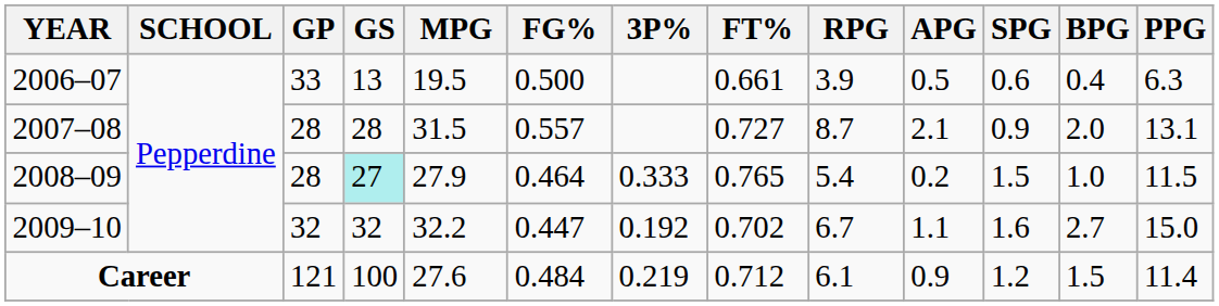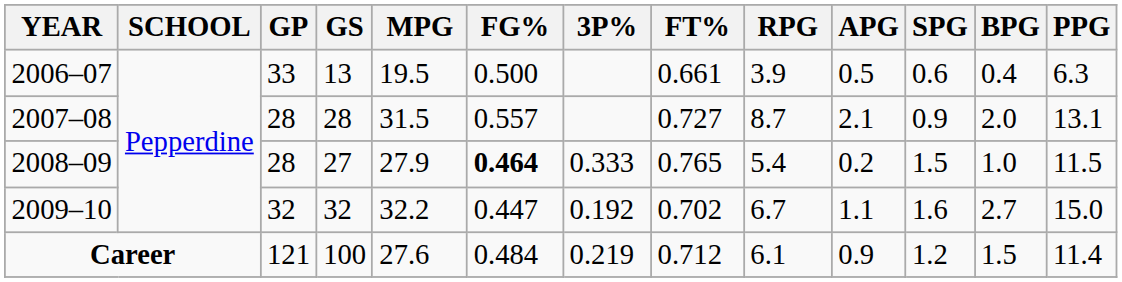 <table class="wikitable sortable">
 <tr>
 <th>YEAR</th>
 <th>SCHOOL</th>
 <th>GP</th>
 <th>GS</th>
 <th> MPG </th>
 <th> FG% </th>
 <th> 3P% </th>
 <th> FT% </th>
 <th> RPG </th>
 <th>APG</th>
 <th>SPG</th>
 <th>BPG</th>
 <th>PPG</th>
 </tr>
 <tr>
 <td>2006–07</td>
 <td rowspan=4><a href='#'>Pepperdine</a></td>
 <td>33</td>
 <td>13</td>
 <td>19.5</td>
 <td>0.500</td>
 <td></td>
 <td>0.661</td>
 <td>3.9</td>
 <td>0.5</td>
 <td>0.6</td>
 <td>0.4</td>
 <td>6.3</td>
 </tr>
 <tr>
 <td>2007–08</td>
 <td>28</td>
 <td>28</td>
 <td>31.5</td>
 <td>0.557</td>
 <td></td>
 <td>0.727</td>
 <td>8.7</td>
 <td>2.1</td>
 <td>0.9</td>
 <td>2.0</td>
 <td>13.1</td>
 </tr>
 <tr>
 <td>2008–09</td>
 <td>28</td>
-<td style="background: paleturquoise;">27</td>
+<td>27</td>
 <td>27.9</td>
-<td>0.464</td>
+<td><strong>0.464</strong></td>
 <td>0.333</td>
 <td>0.765</td>
 <td>5.4</td>
 <td>0.2</td>
 <td>1.5</td>
 <td>1.0</td>
 <td>11.5</td>
 </tr>
 <tr>
 <td>2009–10</td>
 <td>32</td>
 <td>32</td>
 <td>32.2</td>
 <td>0.447</td>
 <td>0.192</td>
 <td>0.702</td>
 <td>6.7</td>
 <td>1.1</td>
 <td>1.6</td>
 <td>2.7</td>
 <td>15.0</td>
 </tr>
 <tr>
 <td colspan=2 align=center><strong>Career</strong></td>
 <td>121</td>
 <td>100</td>
 <td>27.6</td>
 <td>0.484</td>
 <td>0.219</td>
 <td>0.712</td>
 <td>6.1</td>
 <td>0.9</td>
 <td>1.2</td>
 <td>1.5</td>
 <td>11.4</td>
 </tr>
 </table>
